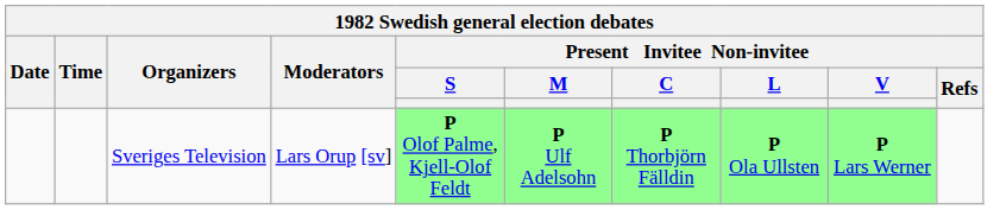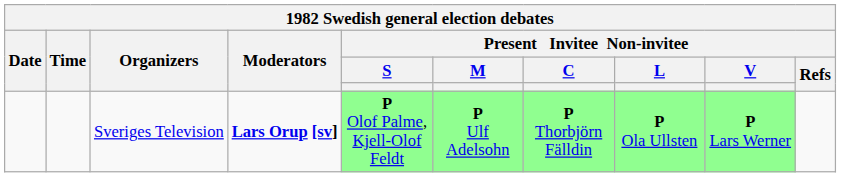 <table class="wikitable" style="font-size:85%; line-height:15px; text-align:center;">
 <tr>
 <th colspan="10">1982 Swedish general election debates</th>
 </tr>
 <tr>
 <th rowspan="3">Date</th>
 <th rowspan="3">Time</th>
 <th rowspan="3">Organizers</th>
 <th rowspan="3">Moderators</th>
 <th colspan="6"> Present    Invitee  Non-invitee </th>
 </tr>
 <tr>
 <th scope="col" style="width:5em;"><a href='#'>S</a></th>
 <th scope="col" style="width:5em;"><a href='#'>M</a></th>
 <th scope="col" style="width:5em;"><a href='#'>C</a></th>
 <th scope="col" style="width:5em;"><a href='#'>L</a></th>
 <th scope="col" style="width:5em;"><a href='#'>V</a></th>
 <th rowspan="2">Refs</th>
 </tr>
 <tr>
 <th style="background:"></th>
 <th style="background:"></th>
 <th style="background:"></th>
 <th style="background:"></th>
 <th style="background:"></th>
 </tr>
 <tr>
 <td></td>
 <td></td>
 <td><a href='#'>Sveriges Television</a></td>
-<td><a href='#'>Lars Orup</a> <a href='#'>[sv</a>]</td>
+<td><strong><a href='#'>Lars Orup</a> <a href='#'>[sv</a>]</strong></td>
 <td style="background:#90FF90"><strong>P</strong><br><a href='#'>Olof Palme</a>, <a href='#'>Kjell-Olof Feldt</a></td>
 <td style="background:#90FF90"><strong>P</strong><br><a href='#'>Ulf Adelsohn</a></td>
 <td style="background:#90FF90"><strong>P</strong><br><a href='#'>Thorbjörn Fälldin</a></td>
 <td style="background:#90FF90"><strong>P</strong><br><a href='#'>Ola Ullsten</a></td>
 <td style="background:#90FF90"><strong>P</strong><br><a href='#'>Lars Werner</a></td>
 <td></td>
 </tr>
 </table>
